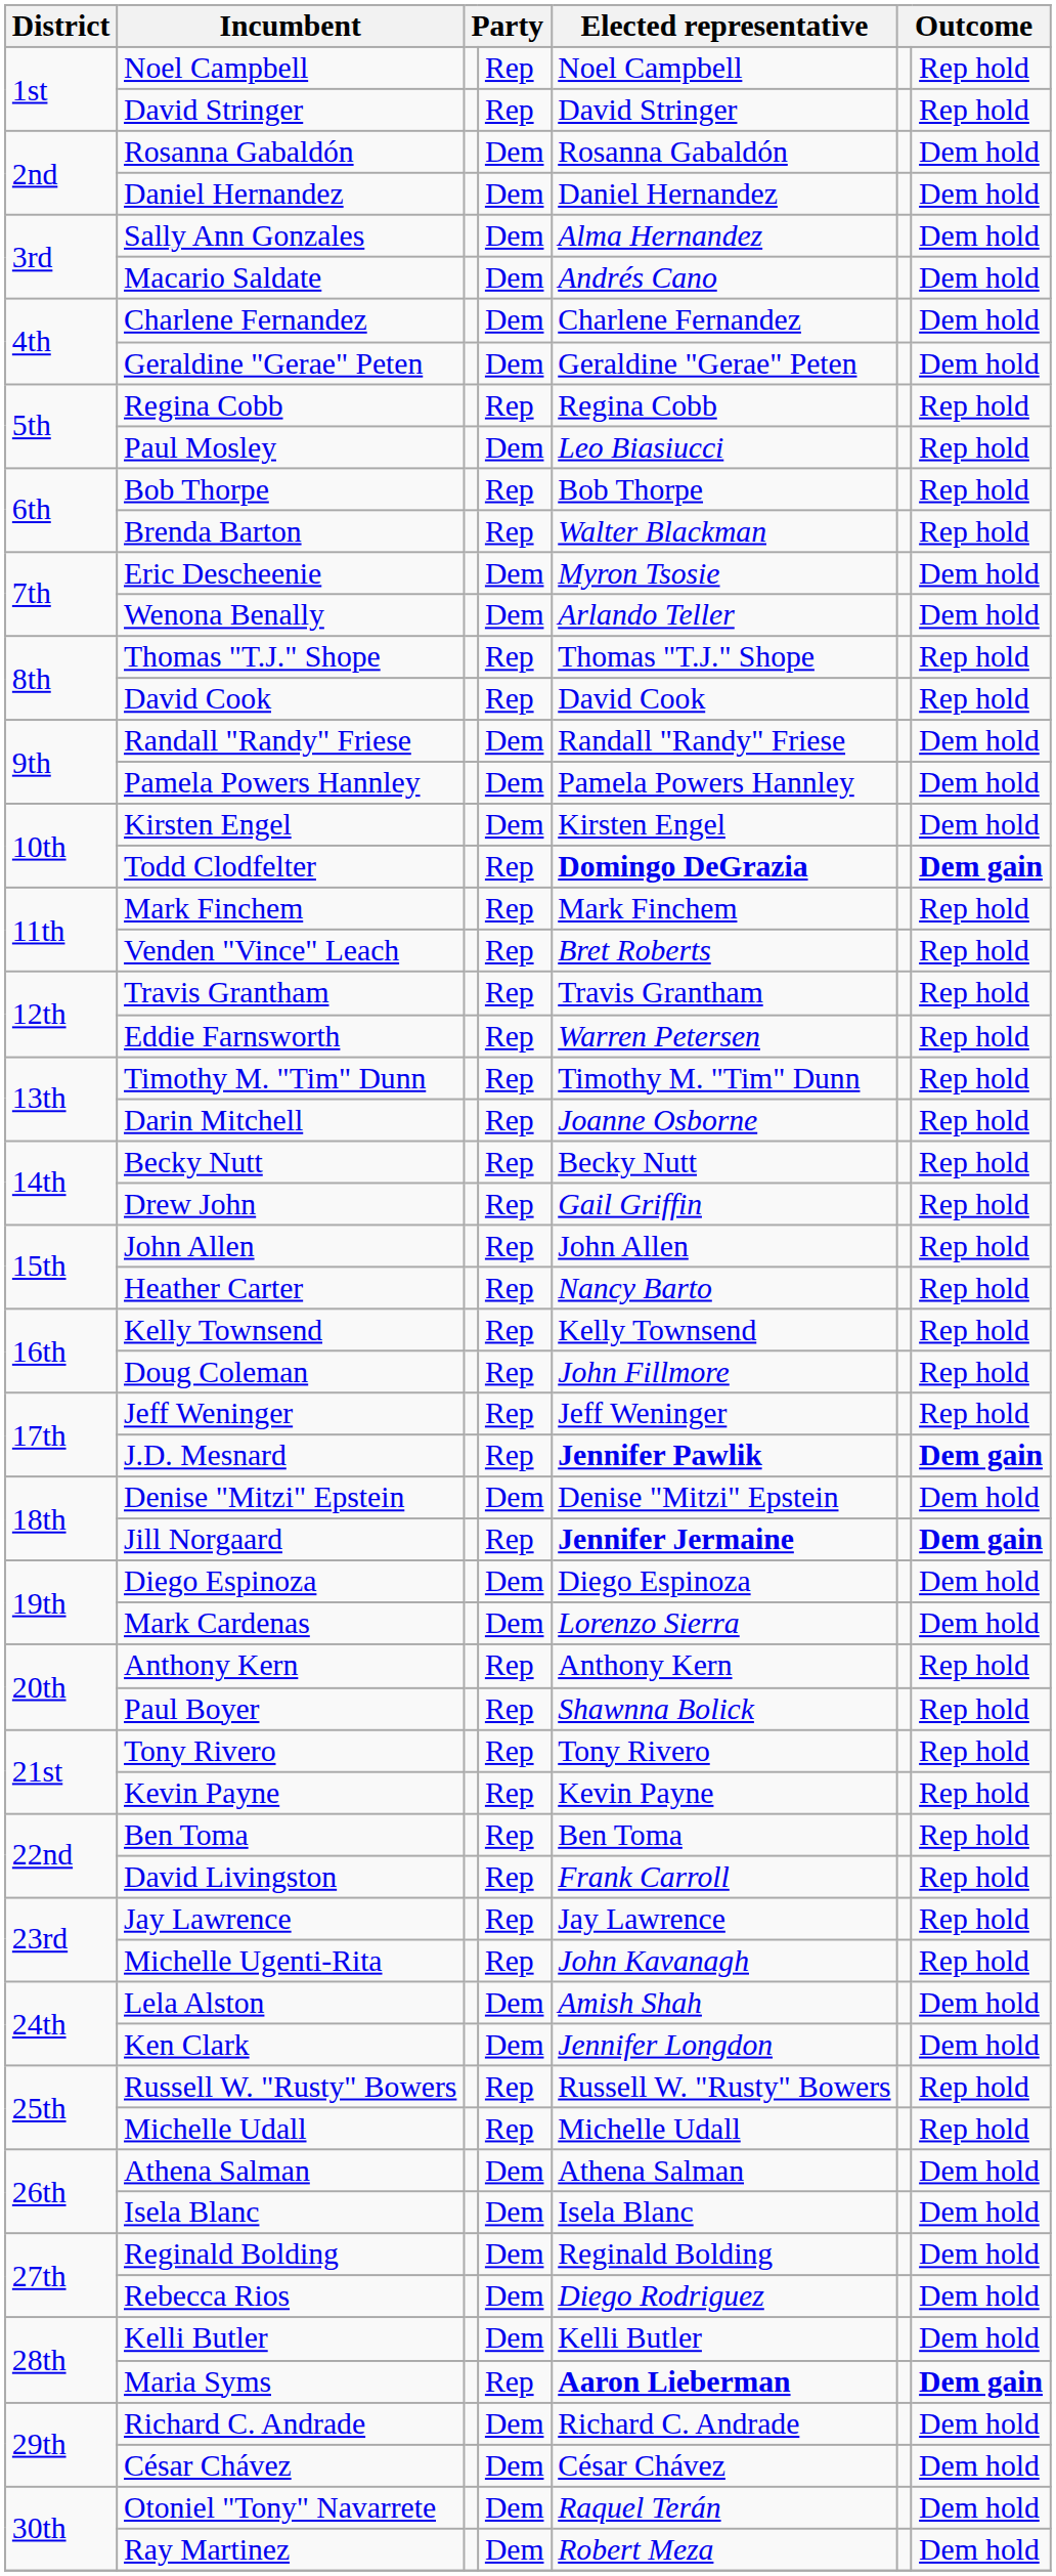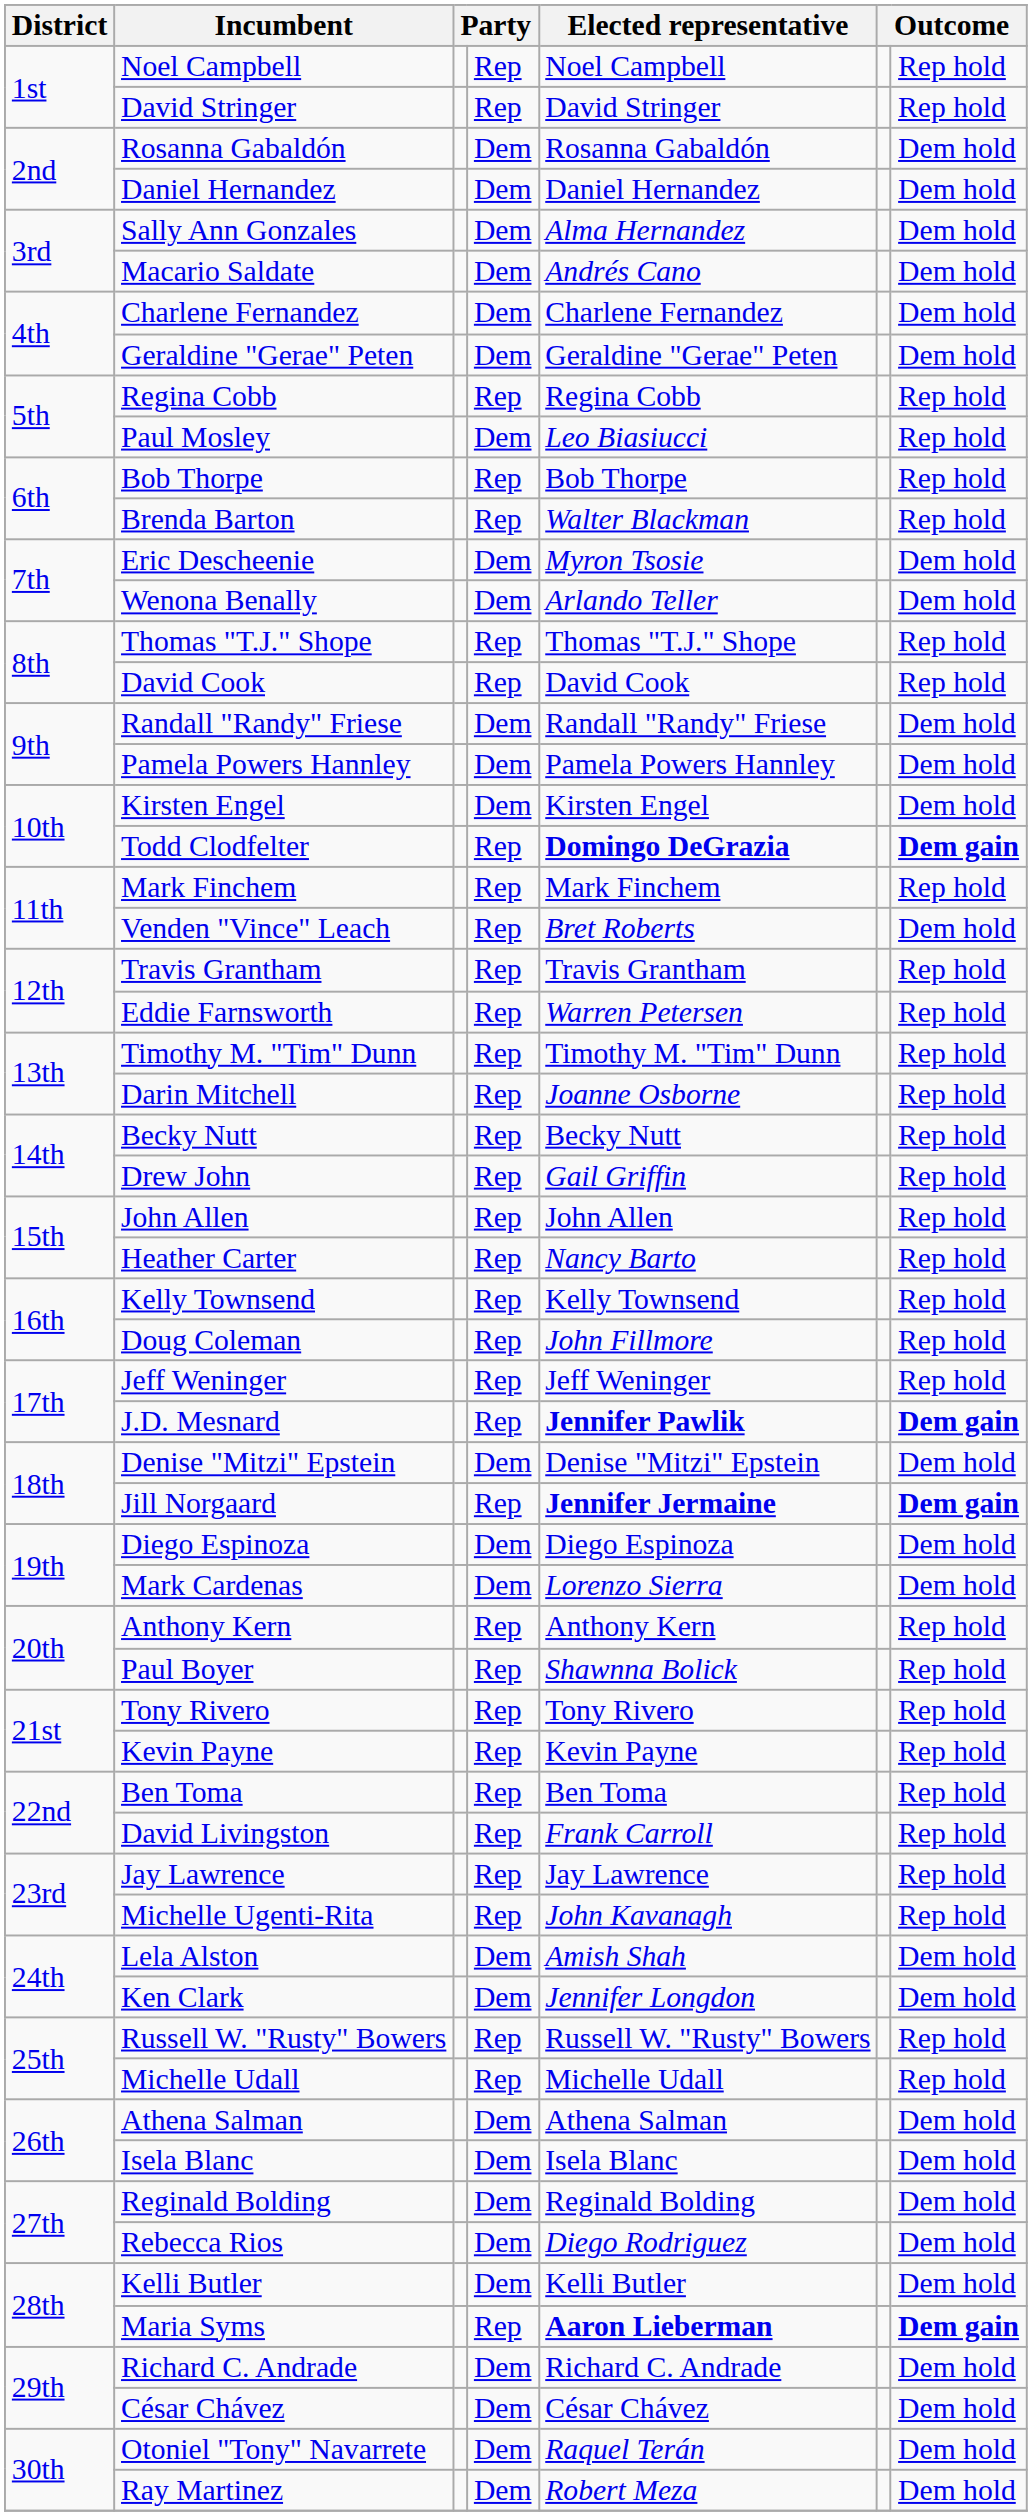 <table class="sortable wikitable" style="font-size:95%;line-height:14px;">
 <tr>
 <th>District</th>
 <th>Incumbent</th>
 <th colspan="2">Party</th>
 <th>Elected representative</th>
 <th colspan="2">Outcome</th>
 </tr>
 <tr>
 <td rowspan="2"><a href='#'>1st</a></td>
 <td><a href='#'>Noel Campbell</a></td>
 <td style="background:"></td>
 <td><a href='#'>Rep</a></td>
 <td><a href='#'>Noel Campbell</a></td>
 <td style="background:"></td>
 <td><a href='#'>Rep hold</a></td>
 </tr>
 <tr>
 <td><a href='#'>David Stringer</a></td>
 <td style="background:"></td>
 <td><a href='#'>Rep</a></td>
 <td><a href='#'>David Stringer</a></td>
 <td style="background:"></td>
 <td><a href='#'>Rep hold</a></td>
 </tr>
 <tr>
 <td rowspan="2"><a href='#'>2nd</a></td>
 <td><a href='#'>Rosanna Gabaldón</a></td>
 <td style="background:"></td>
 <td><a href='#'>Dem</a></td>
 <td><a href='#'>Rosanna Gabaldón</a></td>
 <td style="background:"></td>
 <td><a href='#'>Dem hold</a></td>
 </tr>
 <tr>
 <td><a href='#'>Daniel Hernandez</a></td>
 <td style="background:"></td>
 <td><a href='#'>Dem</a></td>
 <td><a href='#'>Daniel Hernandez</a></td>
 <td style="background:"></td>
 <td><a href='#'>Dem hold</a></td>
 </tr>
 <tr>
 <td rowspan="2"><a href='#'>3rd</a></td>
 <td><a href='#'>Sally Ann Gonzales</a></td>
 <td style="background:"></td>
 <td><a href='#'>Dem</a></td>
 <td><em><a href='#'>Alma Hernandez</a></em></td>
 <td style="background:"></td>
 <td><a href='#'>Dem hold</a></td>
 </tr>
 <tr>
 <td><a href='#'>Macario Saldate</a></td>
 <td style="background:"></td>
 <td><a href='#'>Dem</a></td>
 <td><em><a href='#'>Andrés Cano</a></em></td>
 <td style="background:"></td>
 <td><a href='#'>Dem hold</a></td>
 </tr>
 <tr>
 <td rowspan="2"><a href='#'>4th</a></td>
 <td><a href='#'>Charlene Fernandez</a></td>
 <td style="background:"></td>
 <td><a href='#'>Dem</a></td>
 <td><a href='#'>Charlene Fernandez</a></td>
 <td style="background:"></td>
 <td><a href='#'>Dem hold</a></td>
 </tr>
 <tr>
 <td><a href='#'>Geraldine "Gerae" Peten</a></td>
 <td style="background:"></td>
 <td><a href='#'>Dem</a></td>
 <td><a href='#'>Geraldine "Gerae" Peten</a></td>
 <td style="background:"></td>
 <td><a href='#'>Dem hold</a></td>
 </tr>
 <tr>
 <td rowspan="2"><a href='#'>5th</a></td>
 <td><a href='#'>Regina Cobb</a></td>
 <td style="background:"></td>
 <td><a href='#'>Rep</a></td>
 <td><a href='#'>Regina Cobb</a></td>
 <td style="background:"></td>
 <td><a href='#'>Rep hold</a></td>
 </tr>
 <tr>
 <td><a href='#'>Paul Mosley</a></td>
 <td style="background:"></td>
 <td><a href='#'>Dem</a></td>
 <td><em><a href='#'>Leo Biasiucci</a></em></td>
 <td style="background:"></td>
 <td><a href='#'>Rep hold</a></td>
 </tr>
 <tr>
 <td rowspan="2"><a href='#'>6th</a></td>
 <td><a href='#'>Bob Thorpe</a></td>
 <td style="background:"></td>
 <td><a href='#'>Rep</a></td>
 <td><a href='#'>Bob Thorpe</a></td>
 <td style="background:"></td>
 <td><a href='#'>Rep hold</a></td>
 </tr>
 <tr>
 <td><a href='#'>Brenda Barton</a></td>
 <td style="background:"></td>
 <td><a href='#'>Rep</a></td>
 <td><em><a href='#'>Walter Blackman</a></em></td>
 <td style="background:"></td>
 <td><a href='#'>Rep hold</a></td>
 </tr>
 <tr>
 <td rowspan="2"><a href='#'>7th</a></td>
 <td><a href='#'>Eric Descheenie</a></td>
 <td style="background:"></td>
 <td><a href='#'>Dem</a></td>
 <td><em><a href='#'>Myron Tsosie</a></em></td>
 <td style="background:"></td>
 <td><a href='#'>Dem hold</a></td>
 </tr>
 <tr>
 <td><a href='#'>Wenona Benally</a></td>
 <td style="background:"></td>
 <td><a href='#'>Dem</a></td>
 <td><em><a href='#'>Arlando Teller</a></em></td>
 <td style="background:"></td>
 <td><a href='#'>Dem hold</a></td>
 </tr>
 <tr>
 <td rowspan="2"><a href='#'>8th</a></td>
 <td><a href='#'>Thomas "T.J." Shope</a></td>
 <td style="background:"></td>
 <td><a href='#'>Rep</a></td>
 <td><a href='#'>Thomas "T.J." Shope</a></td>
 <td style="background:"></td>
 <td><a href='#'>Rep hold</a></td>
 </tr>
 <tr>
 <td><a href='#'>David Cook</a></td>
 <td style="background:"></td>
 <td><a href='#'>Rep</a></td>
 <td><a href='#'>David Cook</a></td>
 <td style="background:"></td>
 <td><a href='#'>Rep hold</a></td>
 </tr>
 <tr>
 <td rowspan="2"><a href='#'>9th</a></td>
 <td><a href='#'>Randall "Randy" Friese</a></td>
 <td style="background:"></td>
 <td><a href='#'>Dem</a></td>
 <td><a href='#'>Randall "Randy" Friese</a></td>
 <td style="background:"></td>
 <td><a href='#'>Dem hold</a></td>
 </tr>
 <tr>
 <td><a href='#'>Pamela Powers Hannley</a></td>
 <td style="background:"></td>
 <td><a href='#'>Dem</a></td>
 <td><a href='#'>Pamela Powers Hannley</a></td>
 <td style="background:"></td>
 <td><a href='#'>Dem hold</a></td>
 </tr>
 <tr>
 <td rowspan="2"><a href='#'>10th</a></td>
 <td><a href='#'>Kirsten Engel</a></td>
 <td style="background:"></td>
 <td><a href='#'>Dem</a></td>
 <td><a href='#'>Kirsten Engel</a></td>
 <td style="background:"></td>
 <td><a href='#'>Dem hold</a></td>
 </tr>
 <tr>
 <td><a href='#'>Todd Clodfelter</a></td>
 <td style="background:"></td>
 <td><a href='#'>Rep</a></td>
 <td><strong><a href='#'>Domingo DeGrazia</a></strong></td>
 <td style="background:"></td>
 <td><strong><a href='#'>Dem gain</a></strong></td>
 </tr>
 <tr>
 <td rowspan="2"><a href='#'>11th</a></td>
 <td><a href='#'>Mark Finchem</a></td>
 <td style="background:"></td>
 <td><a href='#'>Rep</a></td>
 <td><a href='#'>Mark Finchem</a></td>
 <td style="background:"></td>
 <td><a href='#'>Rep hold</a></td>
 </tr>
 <tr>
 <td><a href='#'>Venden "Vince" Leach</a></td>
 <td style="background:"></td>
 <td><a href='#'>Rep</a></td>
 <td><em><a href='#'>Bret Roberts</a></em></td>
 <td style="background:"></td>
-<td><a href='#'>Rep hold</a></td>
+<td><a href='#'>Dem hold</a></td>
 </tr>
 <tr>
 <td rowspan="2"><a href='#'>12th</a></td>
 <td><a href='#'>Travis Grantham</a></td>
 <td style="background:"></td>
 <td><a href='#'>Rep</a></td>
 <td><a href='#'>Travis Grantham</a></td>
 <td style="background:"></td>
 <td><a href='#'>Rep hold</a></td>
 </tr>
 <tr>
 <td><a href='#'>Eddie Farnsworth</a></td>
 <td style="background:"></td>
 <td><a href='#'>Rep</a></td>
 <td><em><a href='#'>Warren Petersen</a></em></td>
 <td style="background:"></td>
 <td><a href='#'>Rep hold</a></td>
 </tr>
 <tr>
 <td rowspan="2"><a href='#'>13th</a></td>
 <td><a href='#'>Timothy M. "Tim" Dunn</a></td>
 <td style="background:"></td>
 <td><a href='#'>Rep</a></td>
 <td><a href='#'>Timothy M. "Tim" Dunn</a></td>
 <td style="background:"></td>
 <td><a href='#'>Rep hold</a></td>
 </tr>
 <tr>
 <td><a href='#'>Darin Mitchell</a></td>
 <td style="background:"></td>
 <td><a href='#'>Rep</a></td>
 <td><em><a href='#'>Joanne Osborne</a></em></td>
 <td style="background:"></td>
 <td><a href='#'>Rep hold</a></td>
 </tr>
 <tr>
 <td rowspan="2"><a href='#'>14th</a></td>
 <td><a href='#'>Becky Nutt</a></td>
 <td style="background:"></td>
 <td><a href='#'>Rep</a></td>
 <td><a href='#'>Becky Nutt</a></td>
 <td style="background:"></td>
 <td><a href='#'>Rep hold</a></td>
 </tr>
 <tr>
 <td><a href='#'>Drew John</a></td>
 <td style="background:"></td>
 <td><a href='#'>Rep</a></td>
 <td><em><a href='#'>Gail Griffin</a></em></td>
 <td style="background:"></td>
 <td><a href='#'>Rep hold</a></td>
 </tr>
 <tr>
 <td rowspan="2"><a href='#'>15th</a></td>
 <td><a href='#'>John Allen</a></td>
 <td style="background:"></td>
 <td><a href='#'>Rep</a></td>
 <td><a href='#'>John Allen</a></td>
 <td style="background:"></td>
 <td><a href='#'>Rep hold</a></td>
 </tr>
 <tr>
 <td><a href='#'>Heather Carter</a></td>
 <td style="background:"></td>
 <td><a href='#'>Rep</a></td>
 <td><em><a href='#'>Nancy Barto</a></em></td>
 <td style="background:"></td>
 <td><a href='#'>Rep hold</a></td>
 </tr>
 <tr>
 <td rowspan="2"><a href='#'>16th</a></td>
 <td><a href='#'>Kelly Townsend</a></td>
 <td style="background:"></td>
 <td><a href='#'>Rep</a></td>
 <td><a href='#'>Kelly Townsend</a></td>
 <td style="background:"></td>
 <td><a href='#'>Rep hold</a></td>
 </tr>
 <tr>
 <td><a href='#'>Doug Coleman</a></td>
 <td style="background:"></td>
 <td><a href='#'>Rep</a></td>
 <td><em><a href='#'>John Fillmore</a></em></td>
 <td style="background:"></td>
 <td><a href='#'>Rep hold</a></td>
 </tr>
 <tr>
 <td rowspan="2"><a href='#'>17th</a></td>
 <td><a href='#'>Jeff Weninger</a></td>
 <td style="background:"></td>
 <td><a href='#'>Rep</a></td>
 <td><a href='#'>Jeff Weninger</a></td>
 <td style="background:"></td>
 <td><a href='#'>Rep hold</a></td>
 </tr>
 <tr>
 <td><a href='#'>J.D. Mesnard</a></td>
 <td style="background:"></td>
 <td><a href='#'>Rep</a></td>
 <td><strong><a href='#'>Jennifer Pawlik</a></strong></td>
 <td style="background:"></td>
 <td><strong><a href='#'>Dem gain</a></strong></td>
 </tr>
 <tr>
 <td rowspan="2"><a href='#'>18th</a></td>
 <td><a href='#'>Denise "Mitzi" Epstein</a></td>
 <td style="background:"></td>
 <td><a href='#'>Dem</a></td>
 <td><a href='#'>Denise "Mitzi" Epstein</a></td>
 <td style="background:"></td>
 <td><a href='#'>Dem hold</a></td>
 </tr>
 <tr>
 <td><a href='#'>Jill Norgaard</a></td>
 <td style="background:"></td>
 <td><a href='#'>Rep</a></td>
 <td><strong><a href='#'>Jennifer Jermaine</a></strong></td>
 <td style="background:"></td>
 <td><strong><a href='#'>Dem gain</a></strong></td>
 </tr>
 <tr>
 <td rowspan="2"><a href='#'>19th</a></td>
 <td><a href='#'>Diego Espinoza</a></td>
 <td style="background:"></td>
 <td><a href='#'>Dem</a></td>
 <td><a href='#'>Diego Espinoza</a></td>
 <td style="background:"></td>
 <td><a href='#'>Dem hold</a></td>
 </tr>
 <tr>
 <td><a href='#'>Mark Cardenas</a></td>
 <td style="background:"></td>
 <td><a href='#'>Dem</a></td>
 <td><em><a href='#'>Lorenzo Sierra</a></em></td>
 <td style="background:"></td>
 <td><a href='#'>Dem hold</a></td>
 </tr>
 <tr>
 <td rowspan="2"><a href='#'>20th</a></td>
 <td><a href='#'>Anthony Kern</a></td>
 <td style="background:"></td>
 <td><a href='#'>Rep</a></td>
 <td><a href='#'>Anthony Kern</a></td>
 <td style="background:"></td>
 <td><a href='#'>Rep hold</a></td>
 </tr>
 <tr>
 <td><a href='#'>Paul Boyer</a></td>
 <td style="background:"></td>
 <td><a href='#'>Rep</a></td>
 <td><em><a href='#'>Shawnna Bolick</a></em></td>
 <td style="background:"></td>
 <td><a href='#'>Rep hold</a></td>
 </tr>
 <tr>
 <td rowspan="2"><a href='#'>21st</a></td>
 <td><a href='#'>Tony Rivero</a></td>
 <td style="background:"></td>
 <td><a href='#'>Rep</a></td>
 <td><a href='#'>Tony Rivero</a></td>
 <td style="background:"></td>
 <td><a href='#'>Rep hold</a></td>
 </tr>
 <tr>
 <td><a href='#'>Kevin Payne</a></td>
 <td style="background:"></td>
 <td><a href='#'>Rep</a></td>
 <td><a href='#'>Kevin Payne</a></td>
 <td style="background:"></td>
 <td><a href='#'>Rep hold</a></td>
 </tr>
 <tr>
 <td rowspan="2"><a href='#'>22nd</a></td>
 <td><a href='#'>Ben Toma</a></td>
 <td style="background:"></td>
 <td><a href='#'>Rep</a></td>
 <td><a href='#'>Ben Toma</a></td>
 <td style="background:"></td>
 <td><a href='#'>Rep hold</a></td>
 </tr>
 <tr>
 <td><a href='#'>David Livingston</a></td>
 <td style="background:"></td>
 <td><a href='#'>Rep</a></td>
 <td><em><a href='#'>Frank Carroll</a></em></td>
 <td style="background:"></td>
 <td><a href='#'>Rep hold</a></td>
 </tr>
 <tr>
 <td rowspan="2"><a href='#'>23rd</a></td>
 <td><a href='#'>Jay Lawrence</a></td>
 <td style="background:"></td>
 <td><a href='#'>Rep</a></td>
 <td><a href='#'>Jay Lawrence</a></td>
 <td style="background:"></td>
 <td><a href='#'>Rep hold</a></td>
 </tr>
 <tr>
 <td><a href='#'>Michelle Ugenti-Rita</a></td>
 <td style="background:"></td>
 <td><a href='#'>Rep</a></td>
 <td><em><a href='#'>John Kavanagh</a></em></td>
 <td style="background:"></td>
 <td><a href='#'>Rep hold</a></td>
 </tr>
 <tr>
 <td rowspan="2"><a href='#'>24th</a></td>
 <td><a href='#'>Lela Alston</a></td>
 <td style="background:"></td>
 <td><a href='#'>Dem</a></td>
 <td><em><a href='#'>Amish Shah</a></em></td>
 <td style="background:"></td>
 <td><a href='#'>Dem hold</a></td>
 </tr>
 <tr>
 <td><a href='#'>Ken Clark</a></td>
 <td style="background:"></td>
 <td><a href='#'>Dem</a></td>
 <td><em><a href='#'>Jennifer Longdon</a></em></td>
 <td style="background:"></td>
 <td><a href='#'>Dem hold</a></td>
 </tr>
 <tr>
 <td rowspan="2"><a href='#'>25th</a></td>
 <td><a href='#'>Russell W. "Rusty" Bowers</a></td>
 <td style="background:"></td>
 <td><a href='#'>Rep</a></td>
 <td><a href='#'>Russell W. "Rusty" Bowers</a></td>
 <td style="background:"></td>
 <td><a href='#'>Rep hold</a></td>
 </tr>
 <tr>
 <td><a href='#'>Michelle Udall</a></td>
 <td style="background:"></td>
 <td><a href='#'>Rep</a></td>
 <td><a href='#'>Michelle Udall</a></td>
 <td style="background:"></td>
 <td><a href='#'>Rep hold</a></td>
 </tr>
 <tr>
 <td rowspan="2"><a href='#'>26th</a></td>
 <td><a href='#'>Athena Salman</a></td>
 <td style="background:"></td>
 <td><a href='#'>Dem</a></td>
 <td><a href='#'>Athena Salman</a></td>
 <td style="background:"></td>
 <td><a href='#'>Dem hold</a></td>
 </tr>
 <tr>
 <td><a href='#'>Isela Blanc</a></td>
 <td style="background:"></td>
 <td><a href='#'>Dem</a></td>
 <td><a href='#'>Isela Blanc</a></td>
 <td style="background:"></td>
 <td><a href='#'>Dem hold</a></td>
 </tr>
 <tr>
 <td rowspan="2"><a href='#'>27th</a></td>
 <td><a href='#'>Reginald Bolding</a></td>
 <td style="background:"></td>
 <td><a href='#'>Dem</a></td>
 <td><a href='#'>Reginald Bolding</a></td>
 <td style="background:"></td>
 <td><a href='#'>Dem hold</a></td>
 </tr>
 <tr>
 <td><a href='#'>Rebecca Rios</a></td>
 <td style="background:"></td>
 <td><a href='#'>Dem</a></td>
 <td><em><a href='#'>Diego Rodriguez</a></em></td>
 <td style="background:"></td>
 <td><a href='#'>Dem hold</a></td>
 </tr>
 <tr>
 <td rowspan="2"><a href='#'>28th</a></td>
 <td><a href='#'>Kelli Butler</a></td>
 <td style="background:"></td>
 <td><a href='#'>Dem</a></td>
 <td><a href='#'>Kelli Butler</a></td>
 <td style="background:"></td>
 <td><a href='#'>Dem hold</a></td>
 </tr>
 <tr>
 <td><a href='#'>Maria Syms</a></td>
 <td style="background:"></td>
 <td><a href='#'>Rep</a></td>
 <td><strong><a href='#'>Aaron Lieberman</a></strong></td>
 <td style="background:"></td>
 <td><strong><a href='#'>Dem gain</a></strong></td>
 </tr>
 <tr>
 <td rowspan="2"><a href='#'>29th</a></td>
 <td><a href='#'>Richard C. Andrade</a></td>
 <td style="background:"></td>
 <td><a href='#'>Dem</a></td>
 <td><a href='#'>Richard C. Andrade</a></td>
 <td style="background:"></td>
 <td><a href='#'>Dem hold</a></td>
 </tr>
 <tr>
 <td><a href='#'>César Chávez</a></td>
 <td style="background:"></td>
 <td><a href='#'>Dem</a></td>
 <td><a href='#'>César Chávez</a></td>
 <td style="background:"></td>
 <td><a href='#'>Dem hold</a></td>
 </tr>
 <tr>
 <td rowspan="2"><a href='#'>30th</a></td>
 <td><a href='#'>Otoniel "Tony" Navarrete</a></td>
 <td style="background:"></td>
 <td><a href='#'>Dem</a></td>
 <td><em><a href='#'>Raquel Terán</a></em></td>
 <td style="background:"></td>
 <td><a href='#'>Dem hold</a></td>
 </tr>
 <tr>
 <td><a href='#'>Ray Martinez</a></td>
 <td style="background:"></td>
 <td><a href='#'>Dem</a></td>
 <td><em><a href='#'>Robert Meza</a></em></td>
 <td style="background:"></td>
 <td><a href='#'>Dem hold</a></td>
 </tr>
 <tr>
 </tr>
 </table>
